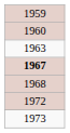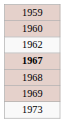 <table style="width: 10%; height: 5px;" border="1" class="wikitable">
 <tr align="center" style="background:#e5d1cb;">
 <td>1959</td>
 </tr>
 <tr align="center" style="background:#e5d1cb;">
 <td>1960</td>
 </tr>
 <tr align="center">
-<td>1963</td>
+<td>1962</td>
 </tr>
 <tr align="center" style="background:#e5d1cb;">
 <td><strong>1967</strong></td>
 </tr>
 <tr align="center" style="background:#e5d1cb;">
 <td>1968</td>
 </tr>
 <tr align="center" style="background:#e5d1cb;">
-<td>1972</td>
+<td>1969</td>
 </tr>
 <tr align="center">
 <td>1973</td>
 </tr>
 </table>
